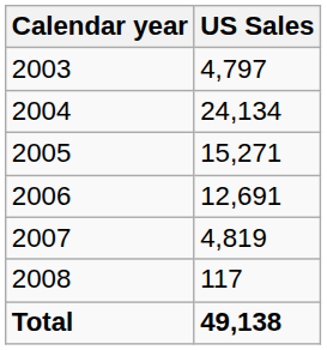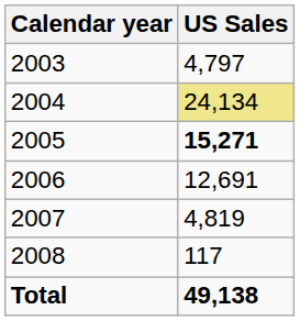 <table class="wikitable">
 <tr>
 <th>Calendar year</th>
 <th>US Sales</th>
 </tr>
 <tr>
 <td>2003</td>
 <td>4,797</td>
 </tr>
 <tr>
 <td>2004</td>
-<td>24,134</td>
+<td style="background: khaki;">24,134</td>
 </tr>
 <tr>
 <td>2005</td>
-<td>15,271</td>
+<td><strong>15,271</strong></td>
 </tr>
 <tr>
 <td>2006</td>
 <td>12,691</td>
 </tr>
 <tr>
 <td>2007</td>
 <td>4,819</td>
 </tr>
 <tr>
 <td>2008</td>
 <td>117</td>
 </tr>
 <tr>
 <td><strong>Total</strong></td>
 <td><strong>49,138</strong></td>
 </tr>
 </table>
